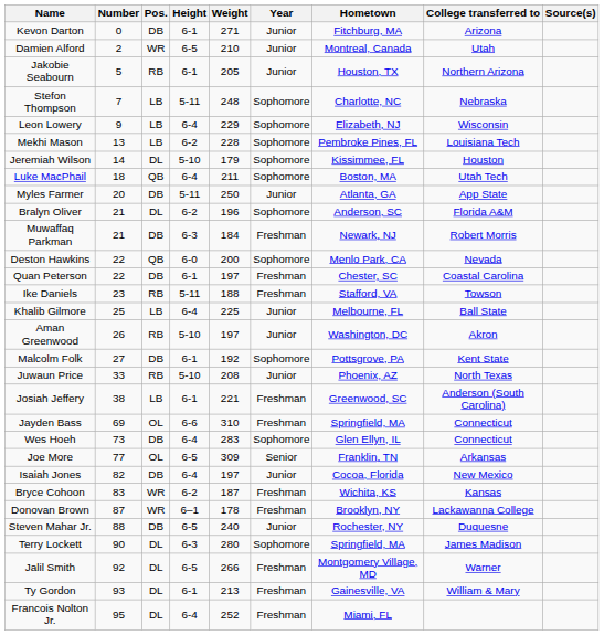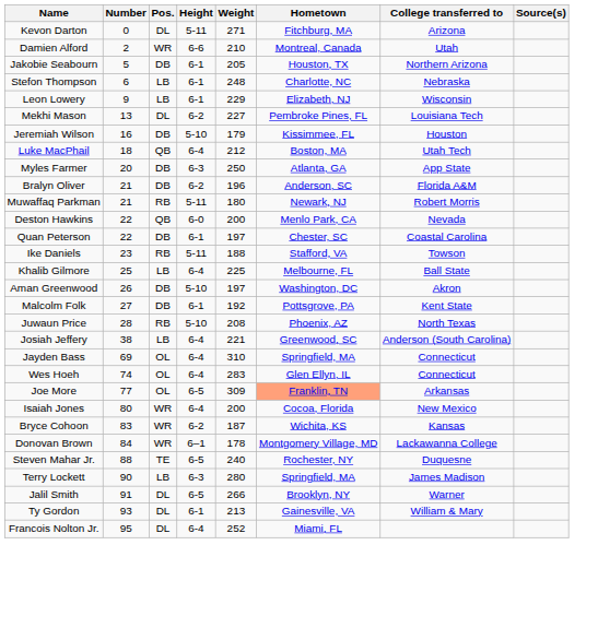 <table class="wikitable sortable" border="1" style="text-align: center;">
 <tr align=center>
 <th>Name</th>
 <th>Number</th>
 <th>Pos.</th>
 <th>Height</th>
 <th>Weight</th>
-<th>Year</th>
 <th>Hometown</th>
 <th>College transferred to</th>
 <th>Source(s)</th>
 </tr>
 <tr>
 <td>Kevon Darton</td>
 <td>0</td>
-<td>DB</td>
-<td>6-1</td>
+<td>DL</td>
+<td>5-11</td>
 <td>271</td>
-<td> Junior</td>
 <td><a href='#'>Fitchburg, MA</a></td>
 <td><a href='#'>Arizona</a></td>
 <td></td>
 </tr>
 <tr>
 <td>Damien Alford</td>
 <td>2</td>
 <td>WR</td>
-<td>6-5</td>
+<td>6-6</td>
 <td>210</td>
-<td>Junior</td>
 <td><a href='#'>Montreal, Canada</a></td>
 <td><a href='#'>Utah</a></td>
 <td></td>
 </tr>
 <tr>
 <td>Jakobie Seabourn</td>
 <td>5</td>
-<td>RB</td>
+<td>DB</td>
 <td>6-1</td>
 <td>205</td>
-<td>Junior</td>
 <td><a href='#'>Houston, TX</a></td>
 <td><a href='#'>Northern Arizona</a></td>
 <td></td>
 </tr>
 <tr>
 <td>Stefon Thompson</td>
-<td>7</td>
+<td>6</td>
 <td>LB</td>
-<td>5-11</td>
+<td>6-1</td>
 <td>248</td>
-<td> Sophomore</td>
 <td><a href='#'>Charlotte, NC</a></td>
 <td><a href='#'>Nebraska</a></td>
 <td></td>
 </tr>
 <tr>
 <td>Leon Lowery</td>
 <td>9</td>
 <td>LB</td>
-<td>6-4</td>
+<td>6-1</td>
 <td>229</td>
-<td> Sophomore</td>
 <td><a href='#'>Elizabeth, NJ</a></td>
 <td><a href='#'>Wisconsin</a></td>
 <td></td>
 </tr>
 <tr>
 <td>Mekhi Mason</td>
 <td>13</td>
-<td>LB</td>
+<td>DL</td>
 <td>6-2</td>
-<td>228</td>
-<td>Sophomore</td>
+<td>227</td>
 <td><a href='#'>Pembroke Pines, FL</a></td>
 <td><a href='#'>Louisiana Tech</a></td>
 <td></td>
 </tr>
 <tr>
 <td>Jeremiah Wilson</td>
-<td>14</td>
-<td>DL</td>
+<td>16</td>
+<td>DB</td>
 <td>5-10</td>
 <td>179</td>
-<td>Sophomore</td>
 <td><a href='#'>Kissimmee, FL</a></td>
 <td><a href='#'>Houston</a></td>
 <td></td>
 </tr>
 <tr>
 <td><a href='#'>Luke MacPhail</a></td>
 <td>18</td>
 <td>QB</td>
 <td>6-4</td>
-<td>211</td>
-<td> Sophomore</td>
+<td>212</td>
 <td><a href='#'>Boston, MA</a></td>
 <td><a href='#'>Utah Tech</a></td>
 <td></td>
 </tr>
 <tr>
 <td>Myles Farmer</td>
 <td>20</td>
 <td>DB</td>
-<td>5-11</td>
+<td>6-3</td>
 <td>250</td>
-<td> Junior</td>
 <td><a href='#'>Atlanta, GA</a></td>
 <td><a href='#'>App State</a></td>
 <td></td>
 </tr>
 <tr>
 <td>Bralyn Oliver</td>
 <td>21</td>
-<td>DL</td>
+<td>DB</td>
 <td>6-2</td>
 <td>196</td>
-<td>Sophomore</td>
 <td><a href='#'>Anderson, SC</a></td>
 <td><a href='#'>Florida A&M</a></td>
 <td></td>
 </tr>
 <tr>
 <td>Muwaffaq Parkman</td>
 <td>21</td>
-<td>DB</td>
-<td>6-3</td>
-<td>184</td>
-<td>Freshman</td>
+<td>RB</td>
+<td>5-11</td>
+<td>180</td>
 <td><a href='#'>Newark, NJ</a></td>
 <td><a href='#'>Robert Morris</a></td>
 <td></td>
 </tr>
 <tr>
 <td>Deston Hawkins</td>
 <td>22</td>
 <td>QB</td>
 <td>6-0</td>
 <td>200</td>
-<td>Sophomore</td>
 <td><a href='#'>Menlo Park, CA</a></td>
 <td><a href='#'>Nevada</a></td>
 <td></td>
 </tr>
 <tr>
 <td>Quan Peterson</td>
 <td>22</td>
 <td>DB</td>
 <td>6-1</td>
 <td>197</td>
-<td>Freshman</td>
 <td><a href='#'> Chester, SC</a></td>
 <td><a href='#'>Coastal Carolina</a></td>
 <td></td>
 </tr>
 <tr>
 <td>Ike Daniels</td>
 <td>23</td>
 <td>RB</td>
 <td>5-11</td>
 <td>188</td>
-<td>Freshman</td>
 <td><a href='#'>Stafford, VA</a></td>
 <td><a href='#'>Towson</a></td>
 <td></td>
 </tr>
 <tr>
 <td>Khalib Gilmore</td>
 <td>25</td>
 <td>LB</td>
 <td>6-4</td>
 <td>225</td>
-<td>Junior</td>
 <td><a href='#'>Melbourne, FL</a></td>
 <td><a href='#'>Ball State</a></td>
 <td></td>
 </tr>
 <tr>
 <td>Aman Greenwood</td>
 <td>26</td>
-<td>RB</td>
+<td>DB</td>
 <td>5-10</td>
 <td>197</td>
-<td> Junior</td>
 <td><a href='#'>Washington, DC</a></td>
 <td><a href='#'>Akron</a></td>
 <td></td>
 </tr>
 <tr>
 <td>Malcolm Folk</td>
 <td>27</td>
 <td>DB</td>
 <td>6-1</td>
 <td>192</td>
-<td>Sophomore</td>
 <td><a href='#'>Pottsgrove, PA</a></td>
 <td><a href='#'>Kent State</a></td>
 <td></td>
 </tr>
 <tr>
 <td>Juwaun Price</td>
-<td>33</td>
+<td>28</td>
 <td>RB</td>
 <td>5-10</td>
 <td>208</td>
-<td> Junior</td>
 <td><a href='#'>Phoenix, AZ</a></td>
 <td><a href='#'>North Texas</a></td>
 <td></td>
 </tr>
 <tr>
 <td>Josiah Jeffery</td>
 <td>38</td>
 <td>LB</td>
-<td>6-1</td>
+<td>6-4</td>
 <td>221</td>
-<td>Freshman</td>
 <td><a href='#'>Greenwood, SC</a></td>
 <td><a href='#'>Anderson (South Carolina)</a></td>
 <td></td>
 </tr>
 <tr>
 <td>Jayden Bass</td>
 <td>69</td>
 <td>OL</td>
-<td>6-6</td>
+<td>6-4</td>
 <td>310</td>
-<td>Freshman</td>
 <td><a href='#'>Springfield, MA</a></td>
 <td><a href='#'>Connecticut</a></td>
 <td></td>
 </tr>
 <tr>
 <td>Wes Hoeh</td>
-<td>73</td>
-<td>DB</td>
+<td>74</td>
+<td>OL</td>
 <td>6-4</td>
 <td>283</td>
-<td> Sophomore</td>
 <td><a href='#'>Glen Ellyn, IL</a></td>
 <td><a href='#'>Connecticut</a></td>
 <td></td>
 </tr>
 <tr>
 <td>Joe More</td>
 <td>77</td>
 <td>OL</td>
 <td>6-5</td>
 <td>309</td>
-<td> Senior</td>
-<td><a href='#'>Franklin, TN</a></td>
+<td style="background: lightsalmon;"><a href='#'>Franklin, TN</a></td>
 <td><a href='#'>Arkansas</a></td>
 <td></td>
 </tr>
 <tr>
 <td>Isaiah Jones</td>
-<td>82</td>
-<td>DB</td>
+<td>80</td>
+<td>WR</td>
 <td>6-4</td>
-<td>197</td>
-<td> Junior</td>
+<td>200</td>
 <td><a href='#'>Cocoa, Florida</a></td>
 <td><a href='#'>New Mexico</a></td>
 <td></td>
 </tr>
 <tr>
 <td>Bryce Cohoon</td>
 <td>83</td>
 <td>WR</td>
 <td>6-2</td>
 <td>187</td>
-<td>Freshman</td>
 <td><a href='#'>Wichita, KS</a></td>
 <td><a href='#'>Kansas</a></td>
 <td></td>
 </tr>
 <tr>
 <td>Donovan Brown</td>
-<td>87</td>
+<td>84</td>
 <td>WR</td>
 <td>6–1</td>
 <td>178</td>
-<td> Freshman</td>
-<td><a href='#'>Brooklyn, NY</a></td>
+<td><a href='#'>Montgomery Village, MD</a></td>
 <td><a href='#'>Lackawanna College</a></td>
 <td></td>
 </tr>
 <tr>
 <td>Steven Mahar Jr.</td>
 <td>88</td>
-<td>DB</td>
+<td>TE</td>
 <td>6-5</td>
 <td>240</td>
-<td>Junior</td>
 <td><a href='#'>Rochester, NY</a></td>
 <td><a href='#'>Duquesne</a></td>
 <td></td>
 </tr>
 <tr>
 <td>Terry Lockett</td>
 <td>90</td>
-<td>DL</td>
+<td>LB</td>
 <td>6-3</td>
 <td>280</td>
-<td> Sophomore</td>
 <td><a href='#'>Springfield, MA</a></td>
 <td><a href='#'>James Madison</a></td>
 <td></td>
 </tr>
 <tr>
 <td>Jalil Smith</td>
-<td>92</td>
+<td>91</td>
 <td>DL</td>
 <td>6-5</td>
 <td>266</td>
-<td>Freshman</td>
-<td><a href='#'>Montgomery Village, MD</a></td>
+<td><a href='#'>Brooklyn, NY</a></td>
 <td><a href='#'>Warner</a></td>
 <td></td>
 </tr>
 <tr>
 <td>Ty Gordon</td>
 <td>93</td>
 <td>DL</td>
 <td>6-1</td>
 <td>213</td>
-<td>Freshman</td>
 <td><a href='#'>Gainesville, VA</a></td>
 <td><a href='#'>William & Mary</a></td>
 <td></td>
 </tr>
 <tr>
 <td>Francois Nolton Jr.</td>
 <td>95</td>
 <td>DL</td>
 <td>6-4</td>
 <td>252</td>
-<td>Freshman</td>
 <td><a href='#'>Miami, FL</a></td>
 <td></td>
 <td></td>
 </tr>
 </table>
